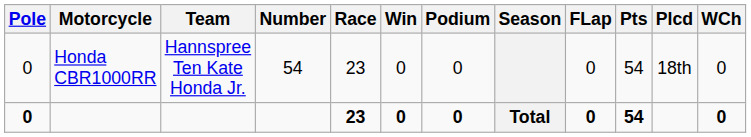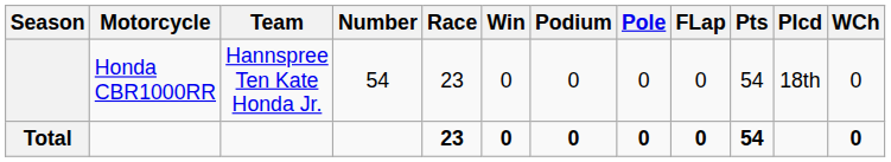 <table class="wikitable" style="text-align:center; font-size:97%;" width="600">
 <tr>
-<th><a href='#'>Pole</a></th>
+<th>Season</th>
 <th>Motorcycle</th>
 <th>Team</th>
 <th>Number</th>
 <th>Race</th>
 <th>Win</th>
 <th>Podium</th>
-<th>Season</th>
+<th><a href='#'>Pole</a></th>
 <th>FLap</th>
 <th>Pts</th>
 <th>Plcd</th>
 <th>WCh</th>
 </tr>
 <tr>
-<td>0</td>
+<th></th>
 <td align="left"><a href='#'>Honda CBR1000RR</a></td>
 <td><a href='#'>Hannspree Ten Kate Honda Jr.</a></td>
 <td>54</td>
 <td>23</td>
 <td>0</td>
 <td>0</td>
-<th></th>
+<td>0</td>
 <td>0</td>
 <td>54</td>
 <td>18th</td>
 <td>0</td>
 </tr>
 <tr>
-<td><strong>0</strong></td>
+<th>Total</th>
 <td></td>
 <td></td>
 <td></td>
 <td><strong>23</strong></td>
 <td><strong>0</strong></td>
 <td><strong>0</strong></td>
-<th>Total</th>
+<td><strong>0</strong></td>
 <td><strong>0</strong></td>
 <td><strong>54</strong></td>
 <td></td>
 <td><strong>0</strong></td>
 </tr>
 </table>
